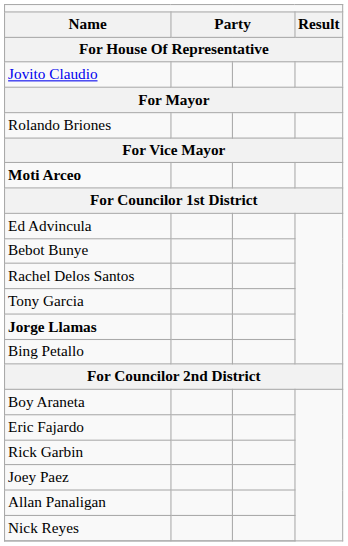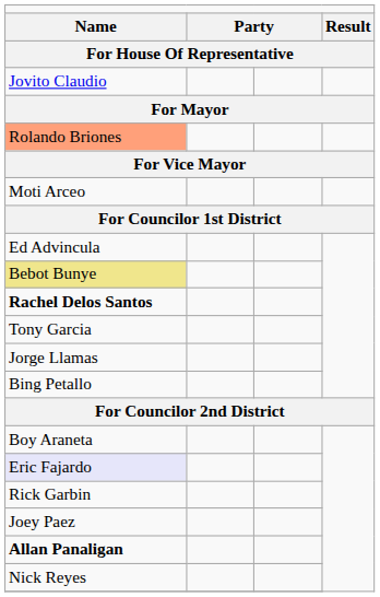 <table class="wikitable" style="font-size:90%">
 <tr>
 <td colspan="4"></td>
 </tr>
 <tr>
 <th width="150px">Name</th>
 <th colspan="2" width="110px">Party</th>
 <th>Result</th>
 </tr>
 <tr>
 <th colspan="4">For House Of Representative</th>
 </tr>
 <tr>
 <td><a href='#'>Jovito Claudio</a></td>
 <td></td>
 <td></td>
 </tr>
 <tr>
 <th colspan="4">For Mayor</th>
 </tr>
 <tr>
-<td>Rolando Briones</td>
+<td style="background: lightsalmon;">Rolando Briones</td>
 <td></td>
 <td></td>
 </tr>
 <tr>
 <th colspan="4">For Vice Mayor</th>
 </tr>
 <tr>
-<td><strong>Moti Arceo</strong></td>
+<td>Moti Arceo</td>
 <td></td>
 <td></td>
 </tr>
 <tr>
 <th colspan="4">For Councilor 1st District</th>
 </tr>
 <tr>
 <td>Ed Advincula</td>
 <td></td>
 <td></td>
 </tr>
 <tr>
-<td>Bebot Bunye</td>
+<td style="background: khaki;">Bebot Bunye</td>
 <td></td>
 <td></td>
 </tr>
 <tr>
-<td>Rachel Delos Santos</td>
+<td><strong>Rachel Delos Santos</strong></td>
 <td></td>
 <td></td>
 </tr>
 <tr>
 <td>Tony Garcia</td>
 <td></td>
 <td></td>
 </tr>
 <tr>
-<td><strong>Jorge Llamas</strong></td>
+<td>Jorge Llamas</td>
 <td></td>
 <td></td>
 </tr>
 <tr>
 <td>Bing Petallo</td>
 <td></td>
 <td></td>
 </tr>
 <tr>
 <th colspan="4">For Councilor 2nd District</th>
 </tr>
 <tr>
 <td>Boy Araneta</td>
 <td></td>
 <td></td>
 </tr>
 <tr>
-<td>Eric Fajardo</td>
+<td style="background: lavender;">Eric Fajardo</td>
 <td></td>
 <td></td>
 </tr>
 <tr>
 <td>Rick Garbin</td>
 <td></td>
 <td></td>
 </tr>
 <tr>
 <td>Joey Paez</td>
 <td></td>
 <td></td>
 </tr>
 <tr>
-<td>Allan Panaligan</td>
+<td><strong>Allan Panaligan</strong></td>
 <td></td>
 <td></td>
 </tr>
 <tr>
 <td>Nick Reyes</td>
 <td></td>
 <td></td>
 </tr>
 <tr>
 </tr>
 </table>
